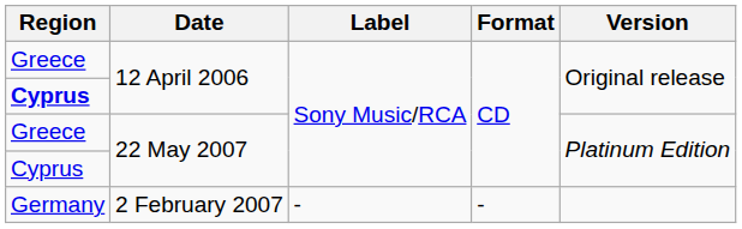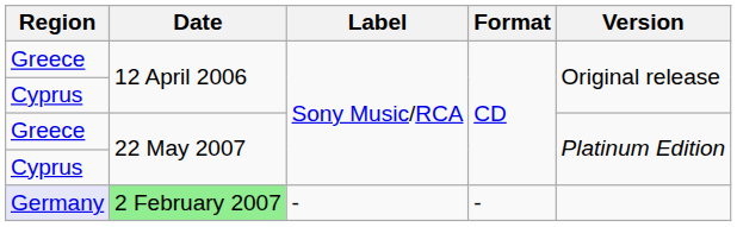 <table class="sortable wikitable">
 <tr>
 <th>Region</th>
 <th>Date</th>
 <th>Label</th>
 <th>Format</th>
 <th>Version</th>
 </tr>
 <tr>
 <td><a href='#'>Greece</a></td>
 <td rowspan="2">12 April 2006</td>
 <td rowspan="4"><a href='#'>Sony Music</a>/<a href='#'>RCA</a></td>
 <td rowspan="4"><a href='#'>CD</a></td>
 <td rowspan="2">Original release</td>
 </tr>
 <tr>
-<td><strong><a href='#'>Cyprus</a></strong></td>
+<td><a href='#'>Cyprus</a></td>
 </tr>
 <tr>
 <td><a href='#'>Greece</a></td>
 <td rowspan="2">22 May 2007</td>
 <td rowspan="2"><em>Platinum Edition</em></td>
 </tr>
 <tr>
 <td><a href='#'>Cyprus</a></td>
 </tr>
 <tr>
-<td><a href='#'>Germany</a></td>
-<td>2 February 2007</td>
+<td style="background: lavender;"><a href='#'>Germany</a></td>
+<td style="background: lightgreen;">2 February 2007</td>
 <td>-</td>
 <td>-</td>
 </tr>
 </table>
